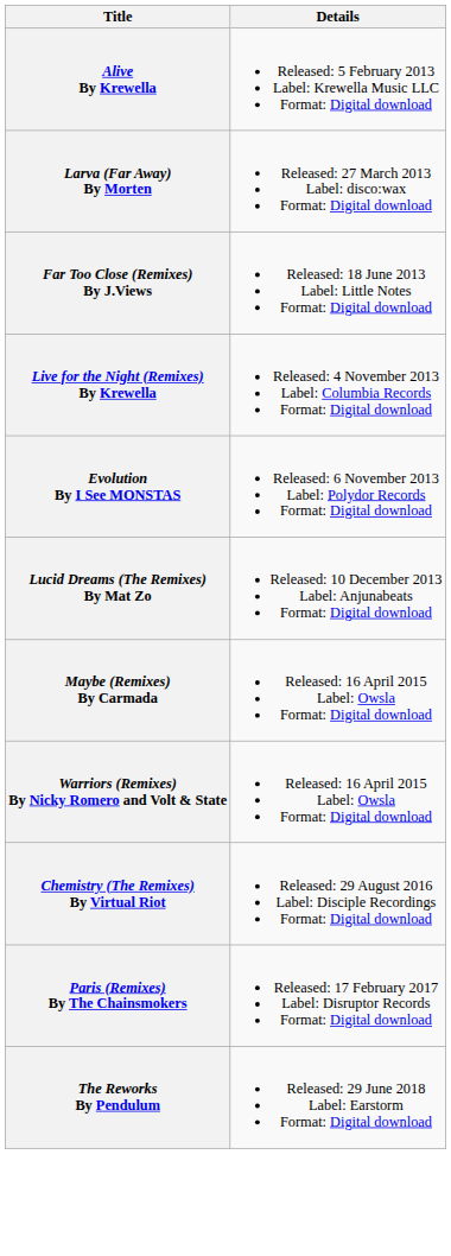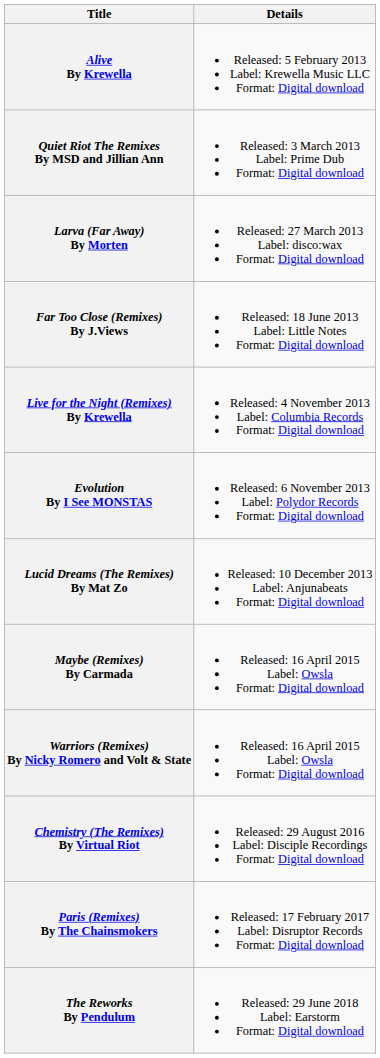 <table class="wikitable plainrowheaders" style="text-align:center;">
 <tr>
 <th scope="col">Title</th>
 <th scope="col">Details</th>
 </tr>
 <tr>
 <th scope="row"><em><a href='#'>Alive</a></em><br>By <a href='#'>Krewella</a></th>
 <td><br><ul><li>Released: 5 February 2013</li><li>Label: Krewella Music LLC</li><li>Format: <a href='#'>Digital download</a></li></ul></td>
+</tr>
+<tr>
+<th scope="row"><em>Quiet Riot The Remixes</em><br>By MSD and Jillian Ann</th>
+<td><br><ul><li>Released: 3 March 2013</li><li>Label: Prime Dub</li><li>Format: <a href='#'>Digital download</a></li></ul></td>
 </tr>
 <tr>
 <th scope="row"><em>Larva (Far Away)</em><br>By <a href='#'>Morten</a></th>
 <td><br><ul><li>Released: 27 March 2013</li><li>Label: disco:wax</li><li>Format: <a href='#'>Digital download</a></li></ul></td>
 </tr>
 <tr>
 <th scope="row"><em>Far Too Close (Remixes)</em><br>By J.Views</th>
 <td><br><ul><li>Released: 18 June 2013</li><li>Label: Little Notes</li><li>Format: <a href='#'>Digital download</a></li></ul></td>
 </tr>
 <tr>
 <th scope="row"><em><a href='#'>Live for the Night (Remixes)</a></em><br>By <a href='#'>Krewella</a></th>
 <td><br><ul><li>Released: 4 November 2013</li><li>Label: <a href='#'>Columbia Records</a></li><li>Format: <a href='#'>Digital download</a></li></ul></td>
 </tr>
 <tr>
 <th scope="row"><em>Evolution</em><br>By <a href='#'>I See MONSTAS</a></th>
 <td><br><ul><li>Released: 6 November 2013</li><li>Label: <a href='#'>Polydor Records</a></li><li>Format: <a href='#'>Digital download</a></li></ul></td>
 </tr>
 <tr>
 <th scope="row"><em>Lucid Dreams (The Remixes)</em><br>By Mat Zo</th>
 <td><br><ul><li>Released: 10 December 2013</li><li>Label: Anjunabeats</li><li>Format: <a href='#'>Digital download</a></li></ul></td>
 </tr>
 <tr>
 <th scope="row"><em>Maybe (Remixes)</em><br>By Carmada</th>
 <td><br><ul><li>Released: 16 April 2015</li><li>Label: <a href='#'>Owsla</a></li><li>Format: <a href='#'>Digital download</a></li></ul></td>
 </tr>
 <tr>
 <th scope="row"><em>Warriors (Remixes)</em><br>By <a href='#'>Nicky Romero</a> and Volt & State</th>
 <td><br><ul><li>Released: 16 April 2015</li><li>Label: <a href='#'>Owsla</a></li><li>Format: <a href='#'>Digital download</a></li></ul></td>
 </tr>
 <tr>
 <th scope="row"><em><a href='#'>Chemistry (The Remixes)</a></em><br>By <a href='#'>Virtual Riot</a></th>
 <td><br><ul><li>Released: 29 August 2016</li><li>Label: Disciple Recordings</li><li>Format: <a href='#'>Digital download</a></li></ul></td>
 </tr>
 <tr>
 <th scope="row"><em><a href='#'>Paris (Remixes)</a></em><br>By <a href='#'>The Chainsmokers</a></th>
 <td><br><ul><li>Released: 17 February 2017</li><li>Label: Disruptor Records</li><li>Format: <a href='#'>Digital download</a></li></ul></td>
 </tr>
 <tr>
 <th scope="row"><em>The Reworks</em><br>By <a href='#'>Pendulum</a></th>
 <td><br><ul><li>Released: 29 June 2018</li><li>Label: Earstorm</li><li>Format: <a href='#'>Digital download</a></li></ul></td>
 </tr>
 </table>
